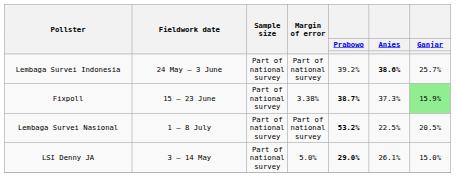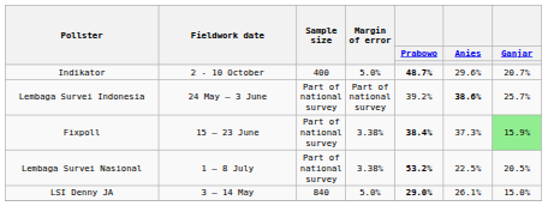 <table class="wikitable" style="text-align:center; font-size:90%; line-height:14px;">
 <tr style="height:55px; background-color:#E9E9E9">
 <th rowspan="3" style="width:200px;">Pollster</th>
 <th rowspan="3" style="width:180px;">Fieldwork date</th>
 <th rowspan="3" style="width:60px;">Sample size</th>
 <th rowspan="3" style="width:60px;">Margin of error</th>
 <th style="width:60px;"></th>
 <th style="width:60px;"></th>
 <th style="width:60px;"></th>
 </tr>
 <tr>
 <th><a href='#'>Prabowo</a> <br></th>
 <th><a href='#'>Anies</a> <br></th>
 <th><a href='#'>Ganjar</a> <br></th>
 </tr>
 <tr>
 <th class="unsortable" style="color:inherit;background:"></th>
 <th class="unsortable" style="color:inherit;background:"></th>
 <th class="unsortable" style="color:inherit;background:"></th>
 </tr>
 <tr>
+<td>Indikator</td>
+<td>2 - 10 October</td>
+<td>400</td>
+<td>5.0%</td>
+<td style="background-color:#"><strong>48.7%</strong> </td>
+<td>29.6% </td>
+<td>20.7% </td>
+</tr>
+<tr>
 <td>Lembaga Survei Indonesia</td>
 <td>24 May – 3 June</td>
 <td>Part of national survey</td>
 <td>Part of national survey</td>
 <td>39.2% </td>
 <td style="background-color:#"><strong>38.6%</strong> </td>
 <td>25.7% </td>
 </tr>
 <tr>
 <td>Fixpoll</td>
 <td>15 – 23 June</td>
 <td>Part of national survey</td>
 <td>3.38%</td>
-<td style="background-color:#"><strong>38.7%</strong> </td>
+<td style="background-color:#"><strong>38.4%</strong> </td>
 <td>37.3%</td>
 <td style="background: lightgreen;">15.9% </td>
 </tr>
 <tr>
 <td>Lembaga Survei Nasional</td>
 <td>1 – 8 July</td>
 <td>Part of national survey</td>
-<td>Part of national survey</td>
+<td>3.38%</td>
 <td style="background-color:#"><strong>53.2%</strong> </td>
 <td>22.5% </td>
 <td>20.5% </td>
 </tr>
 <tr>
 <td>LSI Denny JA</td>
 <td>3 – 14 May</td>
-<td>Part of national survey</td>
+<td>840</td>
 <td>5.0%</td>
 <td style="background-color:#"><strong>29.0%</strong></td>
 <td>26.1%</td>
 <td>15.0%</td>
 </tr>
 <tr>
 </tr>
 </table>
